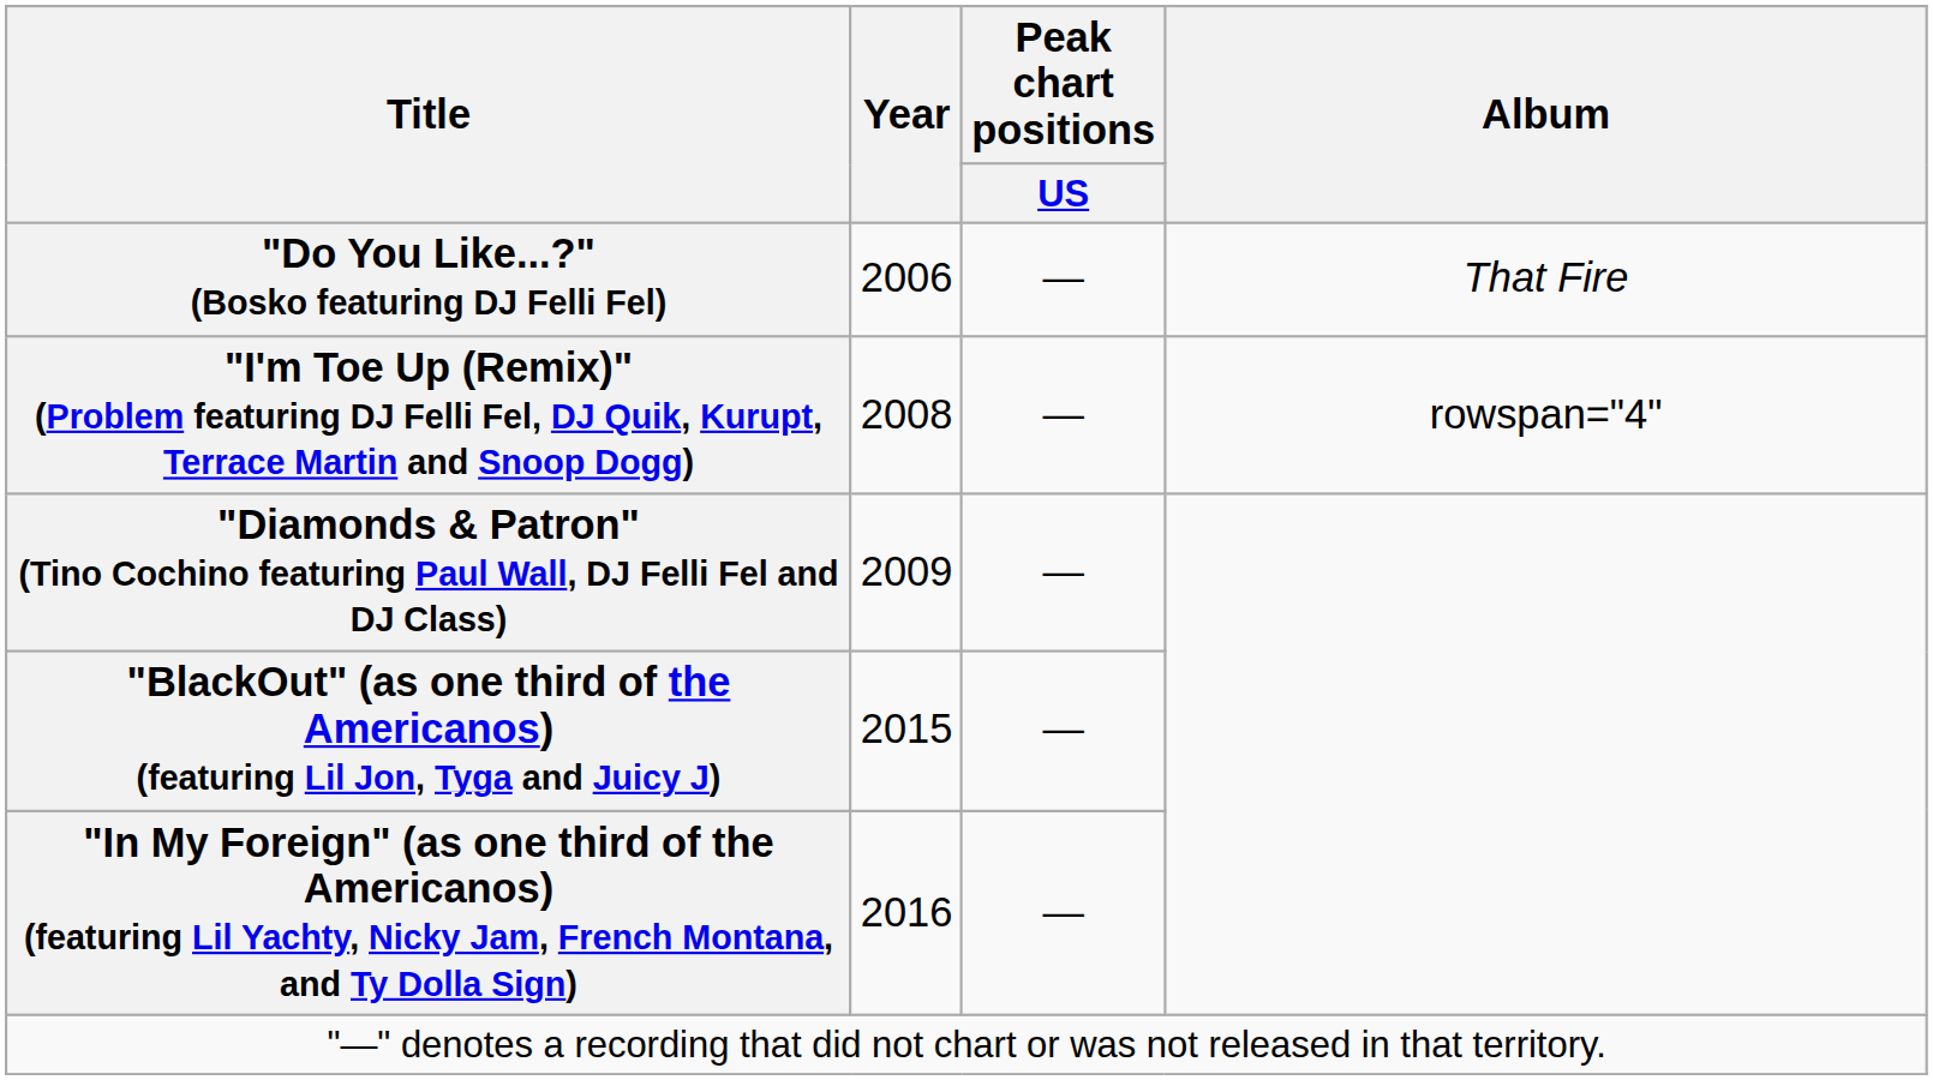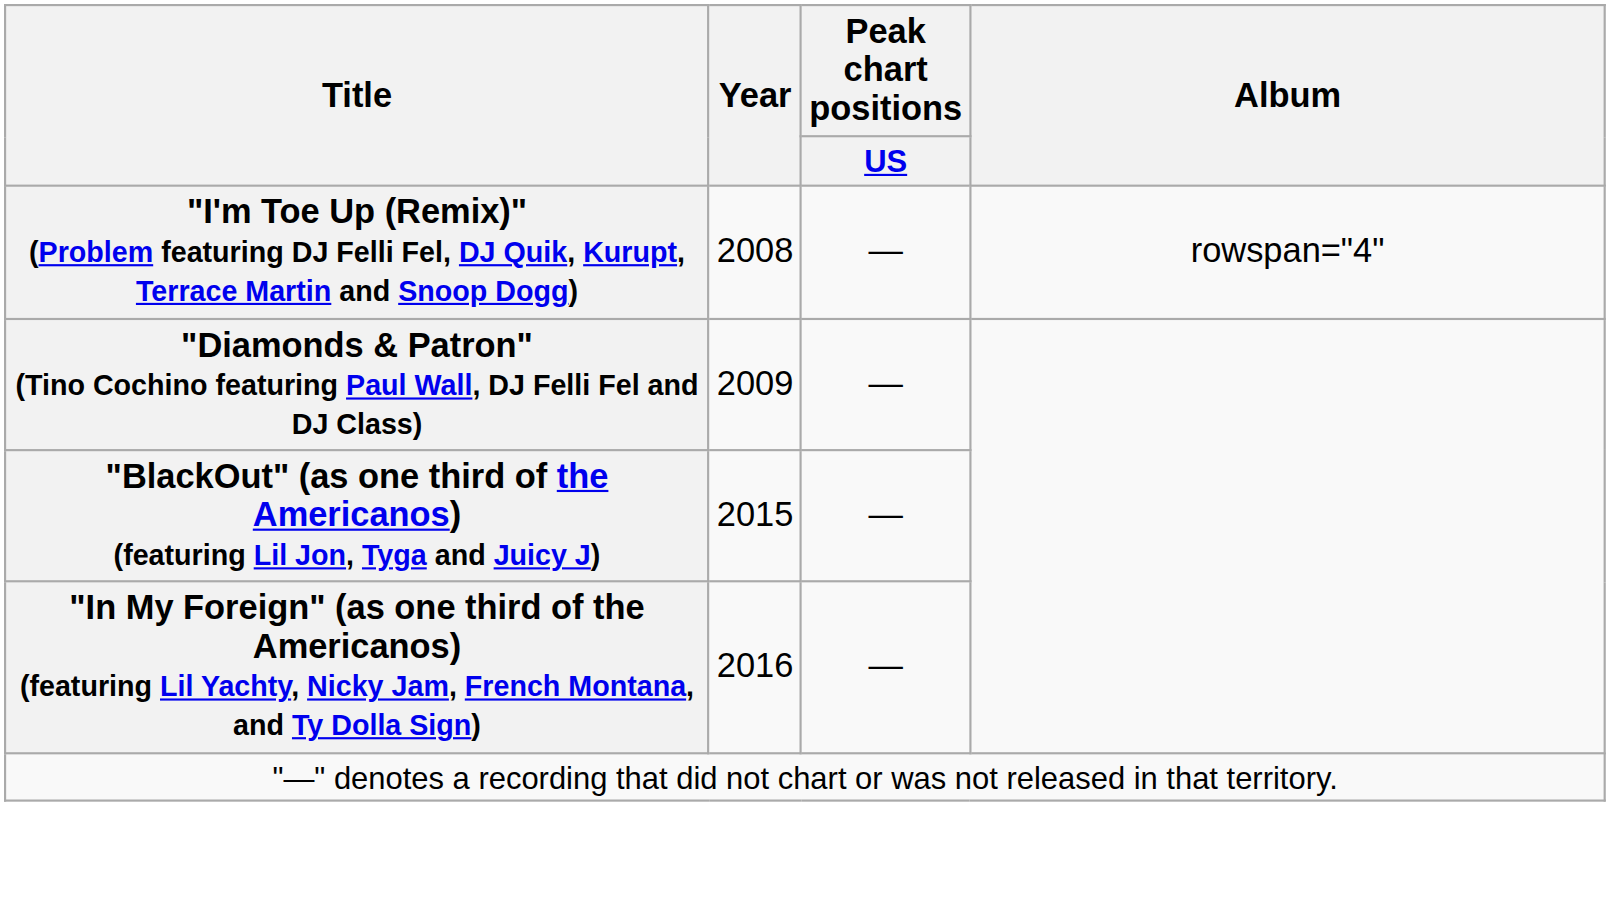 <table class="wikitable plainrowheaders" style="text-align:center;" border="1">
 <tr>
 <th scope="col" rowspan="2" style="width:20em;">Title</th>
 <th scope="col" rowspan="2">Year</th>
 <th scope="col" colspan="1">Peak chart positions</th>
 <th scope="col" rowspan="2" style="width:18em;">Album</th>
 </tr>
 <tr>
 <th style="width:3em; font-size:90%"><a href='#'>US</a></th>
-</tr>
-<tr>
-<th scope="row">"Do You Like...?"<br><small>(Bosko featuring DJ Felli Fel)</small></th>
-<td>2006</td>
-<td>—</td>
-<td><em>That Fire</em></td>
 </tr>
 <tr>
 <th scope="row">"I'm Toe Up (Remix)"<br><small>(<a href='#'>Problem</a> featuring DJ Felli Fel, <a href='#'>DJ Quik</a>, <a href='#'>Kurupt</a>, <a href='#'>Terrace Martin</a> and <a href='#'>Snoop Dogg</a>)</small></th>
 <td>2008</td>
 <td>—</td>
 <td>rowspan="4" </td>
 </tr>
 <tr>
 <th scope="row">"Diamonds & Patron"<br><small>(Tino Cochino featuring <a href='#'>Paul Wall</a>, DJ Felli Fel and DJ Class)</small></th>
 <td>2009</td>
 <td>—</td>
 </tr>
 <tr>
 <th scope="row">"BlackOut" (as one third of <a href='#'>the Americanos</a>)<br><small>(featuring <a href='#'>Lil Jon</a>, <a href='#'>Tyga</a> and <a href='#'>Juicy J</a>)</small></th>
 <td>2015</td>
 <td>—</td>
 </tr>
 <tr>
 <th scope="row">"In My Foreign" (as one third of the Americanos)<br><small>(featuring <a href='#'>Lil Yachty</a>, <a href='#'>Nicky Jam</a>, <a href='#'>French Montana</a>, and <a href='#'>Ty Dolla Sign</a>)</small></th>
 <td>2016</td>
 <td>—</td>
 </tr>
 <tr>
 <td colspan="4" style="font-size:90%">"—" denotes a recording that did not chart or was not released in that territory.</td>
 </tr>
 </table>
